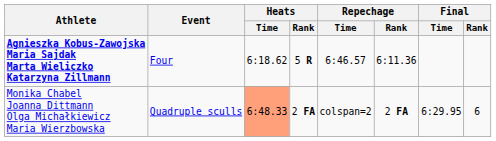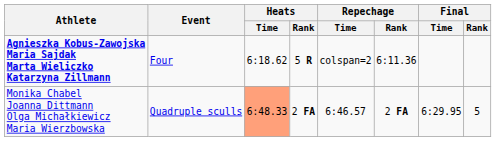 <table class="wikitable" style="text-align:center; font-size:90%">
 <tr>
 <th rowspan=2>Athlete</th>
 <th rowspan=2>Event</th>
 <th colspan=2>Heats</th>
 <th colspan=2>Repechage</th>
 <th colspan=2>Final</th>
 </tr>
 <tr style="font-size:95%">
 <th>Time</th>
 <th>Rank</th>
 <th>Time</th>
 <th>Rank</th>
 <th>Time</th>
 <th>Rank</th>
 </tr>
 <tr>
 <td align=left><strong><a href='#'>Agnieszka Kobus-Zawojska</a><br><a href='#'>Maria Sajdak</a><br><a href='#'>Marta Wieliczko</a><br><a href='#'>Katarzyna Zillmann</a></strong></td>
 <td align=left><a href='#'>Four</a></td>
 <td>6:18.62</td>
 <td>5 <strong>R</strong></td>
-<td>6:46.57</td>
+<td>colspan=2 </td>
 <td>6:11.36</td>
 <td></td>
 </tr>
 <tr>
 <td align=left><a href='#'>Monika Chabel</a><br><a href='#'>Joanna Dittmann</a><br><a href='#'>Olga Michałkiewicz</a><br><a href='#'>Maria Wierzbowska</a></td>
 <td align=left><a href='#'>Quadruple sculls</a></td>
 <td style="background: lightsalmon;">6:48.33</td>
 <td>2 <strong>FA</strong></td>
-<td>colspan=2 </td>
+<td>6:46.57</td>
 <td>2 <strong>FA</strong></td>
 <td>6:29.95</td>
-<td>6</td>
+<td>5</td>
 </tr>
 </table>
